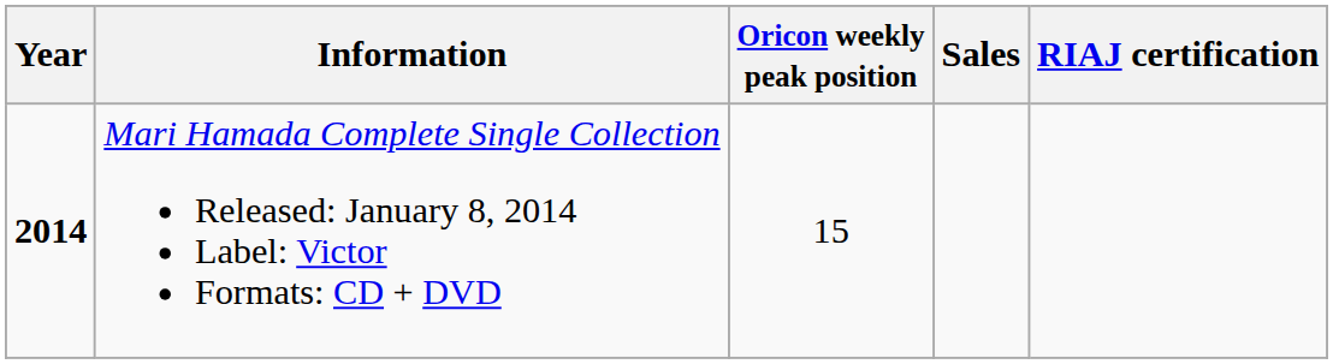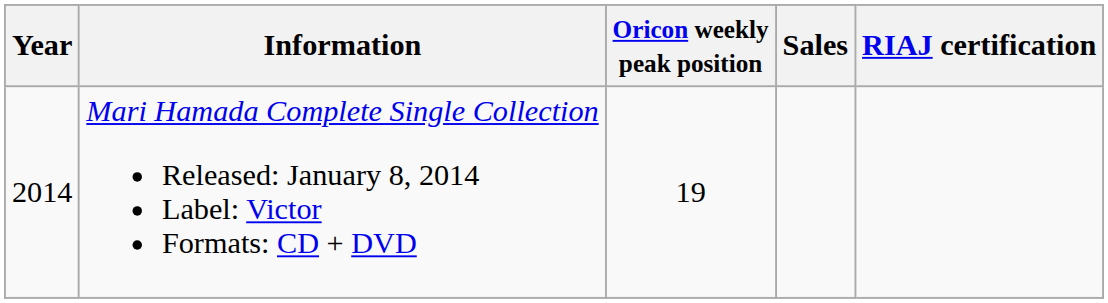 <table class="wikitable">
 <tr>
 <th>Year</th>
 <th>Information</th>
 <th><small><a href='#'>Oricon</a> weekly<br>peak position</small></th>
 <th>Sales<br></th>
 <th><a href='#'>RIAJ</a> certification</th>
 </tr>
 <tr>
-<td><strong>2014</strong></td>
+<td>2014</td>
 <td><em><a href='#'>Mari Hamada Complete Single Collection</a></em><br><ul><li>Released: January 8, 2014</li><li>Label: <a href='#'>Victor</a></li><li>Formats: <a href='#'>CD</a> + <a href='#'>DVD</a></li></ul></td>
-<td style="text-align:center;">15</td>
+<td style="text-align:center;">19</td>
 <td align="left"></td>
 <td align="left"></td>
 </tr>
 </table>
